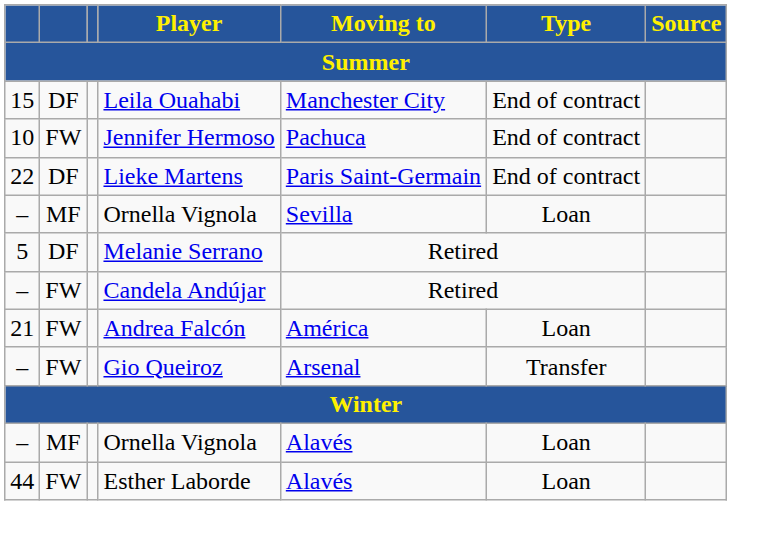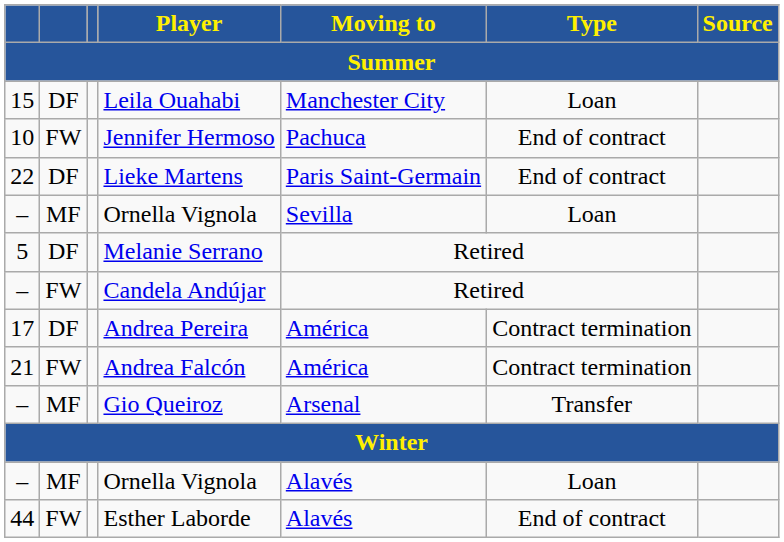 <table class="wikitable plainrowheaders sortable" style="text-align:center">
 <tr>
 <th style="background:#26559B; color:#FFF000; "></th>
 <th style="background:#26559B; color:#FFF000; "></th>
 <th style="background:#26559B; color:#FFF000; "></th>
 <th style="background:#26559B; color:#FFF000; ">Player</th>
 <th style="background:#26559B; color:#FFF000; ">Moving to</th>
 <th style="background:#26559B; color:#FFF000; ">Type</th>
 <th style="background:#26559B; color:#FFF000; ">Source</th>
 </tr>
 <tr>
 <th colspan=7 style="background:#26559B; color:#FFF000; ">Summer</th>
 </tr>
 <tr>
 <td>15</td>
 <td>DF</td>
 <td></td>
 <td style="text-align:left"><a href='#'>Leila Ouahabi</a></td>
 <td style="text-align:left"> <a href='#'>Manchester City</a></td>
-<td>End of contract</td>
+<td>Loan</td>
 <td></td>
 </tr>
 <tr>
 <td>10</td>
 <td>FW</td>
 <td></td>
 <td style="text-align:left"><a href='#'>Jennifer Hermoso</a></td>
 <td style="text-align:left"> <a href='#'>Pachuca</a></td>
 <td>End of contract</td>
 <td></td>
 </tr>
 <tr>
 <td>22</td>
 <td>DF</td>
 <td></td>
 <td style="text-align:left"><a href='#'>Lieke Martens</a></td>
 <td style="text-align:left"> <a href='#'>Paris Saint-Germain</a></td>
 <td>End of contract</td>
 <td></td>
 </tr>
 <tr>
 <td>–</td>
 <td>MF</td>
 <td></td>
 <td style="text-align:left">Ornella Vignola</td>
 <td style="text-align:left"><a href='#'>Sevilla</a></td>
 <td>Loan</td>
 <td></td>
 </tr>
 <tr>
 <td>5</td>
 <td>DF</td>
 <td></td>
 <td style="text-align:left"><a href='#'>Melanie Serrano</a></td>
 <td colspan="2">Retired</td>
 <td></td>
 </tr>
 <tr>
 <td>–</td>
 <td>FW</td>
 <td></td>
 <td style="text-align:left"><a href='#'>Candela Andújar</a></td>
 <td colspan="2">Retired</td>
 <td></td>
 </tr>
 <tr>
+<td>17</td>
+<td>DF</td>
+<td></td>
+<td style="text-align:left"><a href='#'>Andrea Pereira</a></td>
+<td style="text-align:left"> <a href='#'>América</a></td>
+<td>Contract termination</td>
+<td></td>
+</tr>
+<tr>
 <td>21</td>
 <td>FW</td>
 <td></td>
 <td style="text-align:left"><a href='#'>Andrea Falcón</a></td>
 <td style="text-align:left"> <a href='#'>América</a></td>
-<td>Loan</td>
+<td>Contract termination</td>
 <td></td>
 </tr>
 <tr>
 <td>–</td>
-<td>FW</td>
+<td>MF</td>
 <td></td>
 <td style="text-align:left"><a href='#'>Gio Queiroz</a></td>
 <td style="text-align:left"> <a href='#'>Arsenal</a></td>
 <td>Transfer</td>
 <td></td>
 </tr>
 <tr>
 <th colspan=7 style="background:#26559B; color:#FFF000; ">Winter</th>
 </tr>
 <tr>
 <td>–</td>
 <td>MF</td>
 <td></td>
 <td style="text-align:left">Ornella Vignola</td>
 <td style="text-align:left"><a href='#'>Alavés</a></td>
 <td>Loan</td>
 <td></td>
 </tr>
 <tr>
 <td>44</td>
 <td>FW</td>
 <td></td>
 <td style="text-align:left">Esther Laborde</td>
 <td style="text-align:left"><a href='#'>Alavés</a></td>
-<td>Loan</td>
+<td>End of contract</td>
 <td></td>
 </tr>
 </table>
